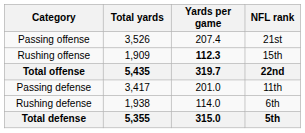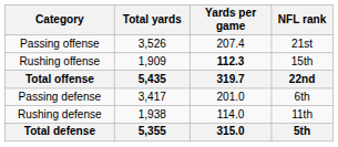 <table class="wikitable" style="text-align:center">
 <tr>
 <th width="150">Category</th>
 <th width="100">Total yards</th>
 <th width="110">Yards per game</th>
 <th width="80">NFL rank<br></th>
 </tr>
 <tr>
 <td>Passing offense</td>
 <td>3,526</td>
 <td>207.4</td>
 <td>21st</td>
 </tr>
 <tr>
 <td>Rushing offense</td>
 <td>1,909</td>
 <td><strong>112.3</strong></td>
 <td>15th</td>
 </tr>
 <tr>
 <th>Total offense</th>
 <th>5,435</th>
 <th>319.7</th>
 <th>22nd</th>
 </tr>
 <tr>
 <td>Passing defense</td>
 <td>3,417</td>
 <td>201.0</td>
-<td>11th</td>
+<td>6th</td>
 </tr>
 <tr>
 <td>Rushing defense</td>
 <td>1,938</td>
 <td>114.0</td>
-<td>6th</td>
+<td>11th</td>
 </tr>
 <tr>
 <th>Total defense</th>
 <th>5,355</th>
 <th>315.0</th>
 <th>5th</th>
 </tr>
 </table>
